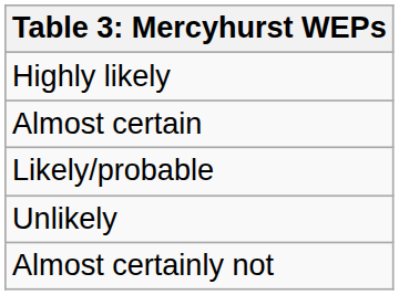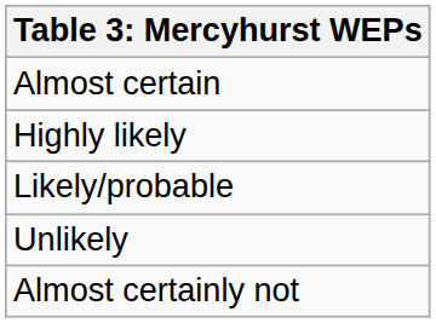 <table class="wikitable">
 <tr>
 <th>Table 3: Mercyhurst WEPs </th>
 </tr>
 <tr>
-<td>Highly likely</td>
+<td>Almost certain</td>
 </tr>
 <tr>
-<td>Almost certain</td>
+<td>Highly likely</td>
 </tr>
 <tr>
 <td>Likely/probable</td>
 </tr>
 <tr>
 <td>Unlikely</td>
 </tr>
 <tr>
 <td>Almost certainly not</td>
 </tr>
 </table>
